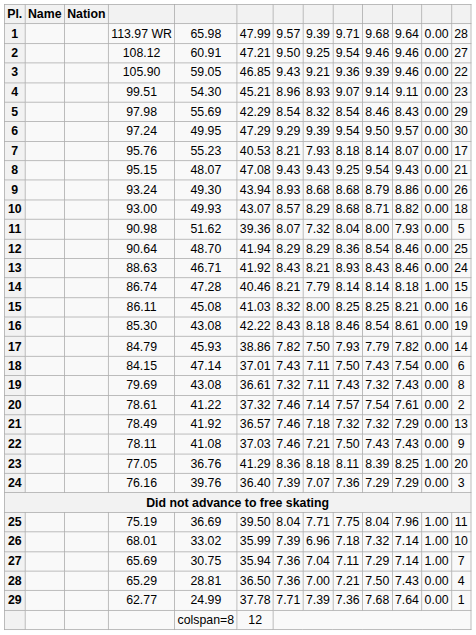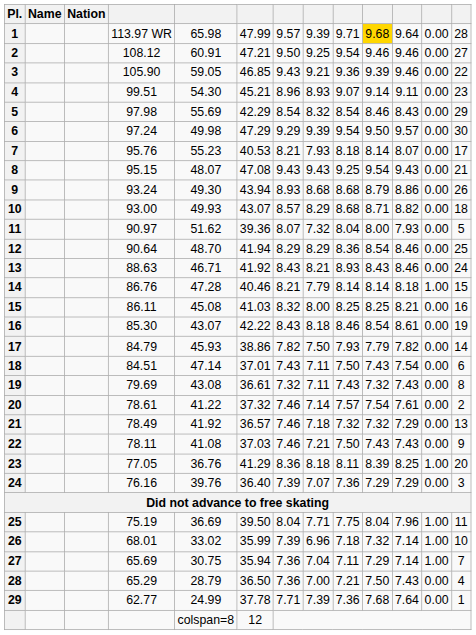 <table class="wikitable sortable" style="text-align:center">
 <tr>
 <th>Pl.</th>
 <th>Name</th>
 <th>Nation</th>
 <th></th>
 <th></th>
 <th></th>
 <th></th>
 <th></th>
 <th></th>
 <th></th>
 <th></th>
 <th></th>
 <th></th>
 </tr>
 <tr>
 <th>1</th>
 <td align=left></td>
 <td align=left></td>
 <td>113.97 WR</td>
 <td>65.98</td>
 <td>47.99</td>
 <td>9.57</td>
 <td>9.39</td>
 <td>9.71</td>
-<td>9.68</td>
+<td style="background: gold;">9.68</td>
 <td>9.64</td>
 <td>0.00</td>
 <td>28</td>
 </tr>
 <tr>
 <th>2</th>
 <td align=left></td>
 <td align=left></td>
 <td>108.12</td>
 <td>60.91</td>
 <td>47.21</td>
 <td>9.50</td>
 <td>9.25</td>
 <td>9.54</td>
 <td>9.46</td>
 <td>9.46</td>
 <td>0.00</td>
 <td>27</td>
 </tr>
 <tr>
 <th>3</th>
 <td align=left></td>
 <td align=left></td>
 <td>105.90</td>
 <td>59.05</td>
 <td>46.85</td>
 <td>9.43</td>
 <td>9.21</td>
 <td>9.36</td>
 <td>9.39</td>
 <td>9.46</td>
 <td>0.00</td>
 <td>22</td>
 </tr>
 <tr>
 <th>4</th>
 <td align=left></td>
 <td align=left></td>
 <td>99.51</td>
 <td>54.30</td>
 <td>45.21</td>
 <td>8.96</td>
 <td>8.93</td>
 <td>9.07</td>
 <td>9.14</td>
 <td>9.11</td>
 <td>0.00</td>
 <td>23</td>
 </tr>
 <tr>
 <th>5</th>
 <td align=left></td>
 <td align=left></td>
 <td>97.98</td>
 <td>55.69</td>
 <td>42.29</td>
 <td>8.54</td>
 <td>8.32</td>
 <td>8.54</td>
 <td>8.46</td>
 <td>8.43</td>
 <td>0.00</td>
 <td>29</td>
 </tr>
 <tr>
 <th>6</th>
 <td align=left></td>
 <td align=left></td>
 <td>97.24</td>
-<td>49.95</td>
+<td>49.98</td>
 <td>47.29</td>
 <td>9.29</td>
 <td>9.39</td>
 <td>9.54</td>
 <td>9.50</td>
 <td>9.57</td>
 <td>0.00</td>
 <td>30</td>
 </tr>
 <tr>
 <th>7</th>
 <td align=left></td>
 <td align=left></td>
 <td>95.76</td>
 <td>55.23</td>
 <td>40.53</td>
 <td>8.21</td>
 <td>7.93</td>
 <td>8.18</td>
 <td>8.14</td>
 <td>8.07</td>
 <td>0.00</td>
 <td>17</td>
 </tr>
 <tr>
 <th>8</th>
 <td align=left></td>
 <td align=left></td>
 <td>95.15</td>
 <td>48.07</td>
 <td>47.08</td>
 <td>9.43</td>
 <td>9.43</td>
 <td>9.25</td>
 <td>9.54</td>
 <td>9.43</td>
 <td>0.00</td>
 <td>21</td>
 </tr>
 <tr>
 <th>9</th>
 <td align=left></td>
 <td align=left></td>
 <td>93.24</td>
 <td>49.30</td>
 <td>43.94</td>
 <td>8.93</td>
 <td>8.68</td>
 <td>8.68</td>
 <td>8.79</td>
 <td>8.86</td>
 <td>0.00</td>
 <td>26</td>
 </tr>
 <tr>
 <th>10</th>
 <td align=left></td>
 <td align=left></td>
 <td>93.00</td>
 <td>49.93</td>
 <td>43.07</td>
 <td>8.57</td>
 <td>8.29</td>
 <td>8.68</td>
 <td>8.71</td>
 <td>8.82</td>
 <td>0.00</td>
 <td>18</td>
 </tr>
 <tr>
 <th>11</th>
 <td align=left></td>
 <td align=left></td>
-<td>90.98</td>
+<td>90.97</td>
 <td>51.62</td>
 <td>39.36</td>
 <td>8.07</td>
 <td>7.32</td>
 <td>8.04</td>
 <td>8.00</td>
 <td>7.93</td>
 <td>0.00</td>
 <td>5</td>
 </tr>
 <tr>
 <th>12</th>
 <td align=left></td>
 <td align=left></td>
 <td>90.64</td>
 <td>48.70</td>
 <td>41.94</td>
 <td>8.29</td>
 <td>8.29</td>
 <td>8.36</td>
 <td>8.54</td>
 <td>8.46</td>
 <td>0.00</td>
 <td>25</td>
 </tr>
 <tr>
 <th>13</th>
 <td align=left></td>
 <td align=left></td>
 <td>88.63</td>
 <td>46.71</td>
 <td>41.92</td>
 <td>8.43</td>
 <td>8.21</td>
 <td>8.93</td>
 <td>8.43</td>
 <td>8.46</td>
 <td>0.00</td>
 <td>24</td>
 </tr>
 <tr>
 <th>14</th>
 <td align=left></td>
 <td align=left></td>
-<td>86.74</td>
+<td>86.76</td>
 <td>47.28</td>
 <td>40.46</td>
 <td>8.21</td>
 <td>7.79</td>
 <td>8.14</td>
 <td>8.14</td>
 <td>8.18</td>
 <td>1.00</td>
 <td>15</td>
 </tr>
 <tr>
 <th>15</th>
 <td align=left></td>
 <td align=left></td>
 <td>86.11</td>
 <td>45.08</td>
 <td>41.03</td>
 <td>8.32</td>
 <td>8.00</td>
 <td>8.25</td>
 <td>8.25</td>
 <td>8.21</td>
 <td>0.00</td>
 <td>16</td>
 </tr>
 <tr>
 <th>16</th>
 <td align=left></td>
 <td align=left></td>
 <td>85.30</td>
-<td>43.08</td>
+<td>43.07</td>
 <td>42.22</td>
 <td>8.43</td>
 <td>8.18</td>
 <td>8.46</td>
 <td>8.54</td>
 <td>8.61</td>
 <td>0.00</td>
 <td>19</td>
 </tr>
 <tr>
 <th>17</th>
 <td align=left></td>
 <td align=left></td>
 <td>84.79</td>
 <td>45.93</td>
 <td>38.86</td>
 <td>7.82</td>
 <td>7.50</td>
 <td>7.93</td>
 <td>7.79</td>
 <td>7.82</td>
 <td>0.00</td>
 <td>14</td>
 </tr>
 <tr>
 <th>18</th>
 <td align=left></td>
 <td align=left></td>
-<td>84.15</td>
+<td>84.51</td>
 <td>47.14</td>
 <td>37.01</td>
 <td>7.43</td>
 <td>7.11</td>
 <td>7.50</td>
 <td>7.43</td>
 <td>7.54</td>
 <td>0.00</td>
 <td>6</td>
 </tr>
 <tr>
 <th>19</th>
 <td align=left></td>
 <td align=left></td>
 <td>79.69</td>
 <td>43.08</td>
 <td>36.61</td>
 <td>7.32</td>
 <td>7.11</td>
 <td>7.43</td>
 <td>7.32</td>
 <td>7.43</td>
 <td>0.00</td>
 <td>8</td>
 </tr>
 <tr>
 <th>20</th>
 <td align=left></td>
 <td align=left></td>
 <td>78.61</td>
 <td>41.22</td>
 <td>37.32</td>
 <td>7.46</td>
 <td>7.14</td>
 <td>7.57</td>
 <td>7.54</td>
 <td>7.61</td>
 <td>0.00</td>
 <td>2</td>
 </tr>
 <tr>
 <th>21</th>
 <td align=left></td>
 <td align=left></td>
 <td>78.49</td>
 <td>41.92</td>
 <td>36.57</td>
 <td>7.46</td>
 <td>7.18</td>
 <td>7.32</td>
 <td>7.32</td>
 <td>7.29</td>
 <td>0.00</td>
 <td>13</td>
 </tr>
 <tr>
 <th>22</th>
 <td align=left></td>
 <td align=left></td>
 <td>78.11</td>
 <td>41.08</td>
 <td>37.03</td>
 <td>7.46</td>
 <td>7.21</td>
 <td>7.50</td>
 <td>7.43</td>
 <td>7.43</td>
 <td>0.00</td>
 <td>9</td>
 </tr>
 <tr>
 <th>23</th>
 <td align=left></td>
 <td align=left></td>
 <td>77.05</td>
 <td>36.76</td>
 <td>41.29</td>
 <td>8.36</td>
 <td>8.18</td>
 <td>8.11</td>
 <td>8.39</td>
 <td>8.25</td>
 <td>1.00</td>
 <td>20</td>
 </tr>
 <tr>
 <th>24</th>
 <td align=left></td>
 <td align=left></td>
 <td>76.16</td>
 <td>39.76</td>
 <td>36.40</td>
 <td>7.39</td>
 <td>7.07</td>
 <td>7.36</td>
 <td>7.29</td>
 <td>7.29</td>
 <td>0.00</td>
 <td>3</td>
 </tr>
 <tr>
 <th colspan=14>Did not advance to free skating</th>
 </tr>
 <tr>
 <th>25</th>
 <td align=left></td>
 <td align=left></td>
 <td>75.19</td>
 <td>36.69</td>
 <td>39.50</td>
 <td>8.04</td>
 <td>7.71</td>
 <td>7.75</td>
 <td>8.04</td>
 <td>7.96</td>
 <td>1.00</td>
 <td>11</td>
 </tr>
 <tr>
 <th>26</th>
 <td align=left></td>
 <td align=left></td>
 <td>68.01</td>
 <td>33.02</td>
 <td>35.99</td>
 <td>7.39</td>
 <td>6.96</td>
 <td>7.18</td>
 <td>7.32</td>
 <td>7.14</td>
 <td>1.00</td>
 <td>10</td>
 </tr>
 <tr>
 <th>27</th>
 <td align=left></td>
 <td align=left></td>
 <td>65.69</td>
 <td>30.75</td>
 <td>35.94</td>
 <td>7.36</td>
 <td>7.04</td>
 <td>7.11</td>
 <td>7.29</td>
 <td>7.14</td>
 <td>1.00</td>
 <td>7</td>
 </tr>
 <tr>
 <th>28</th>
 <td align=left></td>
 <td align=left></td>
 <td>65.29</td>
-<td>28.81</td>
+<td>28.79</td>
 <td>36.50</td>
 <td>7.36</td>
 <td>7.00</td>
 <td>7.21</td>
 <td>7.50</td>
 <td>7.43</td>
 <td>0.00</td>
 <td>4</td>
 </tr>
 <tr>
 <th>29</th>
 <td align=left></td>
 <td align=left></td>
 <td>62.77</td>
 <td>24.99</td>
 <td>37.78</td>
 <td>7.71</td>
 <td>7.39</td>
 <td>7.36</td>
 <td>7.68</td>
 <td>7.64</td>
 <td>0.00</td>
 <td>1</td>
 </tr>
 <tr>
 <th></th>
 <td align=left></td>
 <td align=left></td>
 <td></td>
 <td>colspan=8 </td>
 <td>12</td>
 </tr>
 </table>
